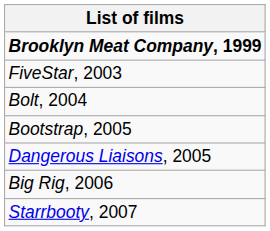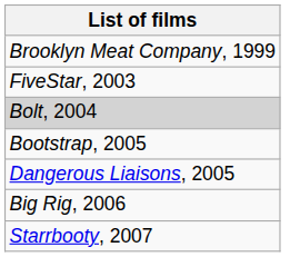 <table class="wikitable">
 <tr>
 <th>List of films</th>
 </tr>
 <tr>
-<td><strong><em>Brooklyn Meat Company</em>, 1999</strong></td>
+<td><em>Brooklyn Meat Company</em>, 1999</td>
 </tr>
 <tr>
 <td><em>FiveStar</em>, 2003</td>
 </tr>
 <tr>
-<td><em>Bolt</em>, 2004</td>
+<td style="background: lightgrey;"><em>Bolt</em>, 2004</td>
 </tr>
 <tr>
 <td><em>Bootstrap</em>, 2005</td>
 </tr>
 <tr>
 <td><em><a href='#'>Dangerous Liaisons</a></em>, 2005</td>
 </tr>
 <tr>
 <td><em>Big Rig</em>, 2006</td>
 </tr>
 <tr>
 <td><em><a href='#'>Starrbooty</a></em>, 2007</td>
 </tr>
 </table>
